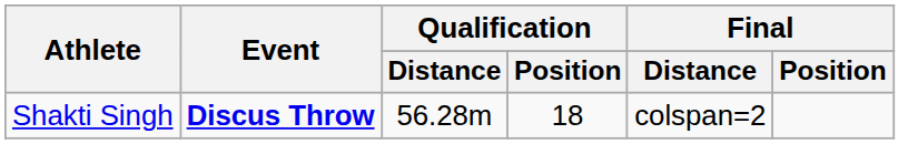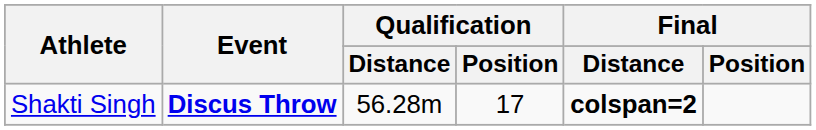 <table class="wikitable" style="font-size:90%">
 <tr>
 <th rowspan="2">Athlete</th>
 <th rowspan="2">Event</th>
 <th colspan="2">Qualification</th>
 <th colspan="2">Final</th>
 </tr>
 <tr style="font-size:95%">
 <th>Distance</th>
 <th>Position</th>
 <th>Distance</th>
 <th>Position</th>
 </tr>
 <tr style=text-align:center>
 <td style=text-align:left><a href='#'>Shakti Singh</a></td>
 <td style="text-align:left"><strong><a href='#'>Discus Throw</a></strong></td>
 <td>56.28m</td>
-<td>18</td>
-<td>colspan=2 </td>
+<td>17</td>
+<td><strong>colspan=2 </strong></td>
 </tr>
 </table>
